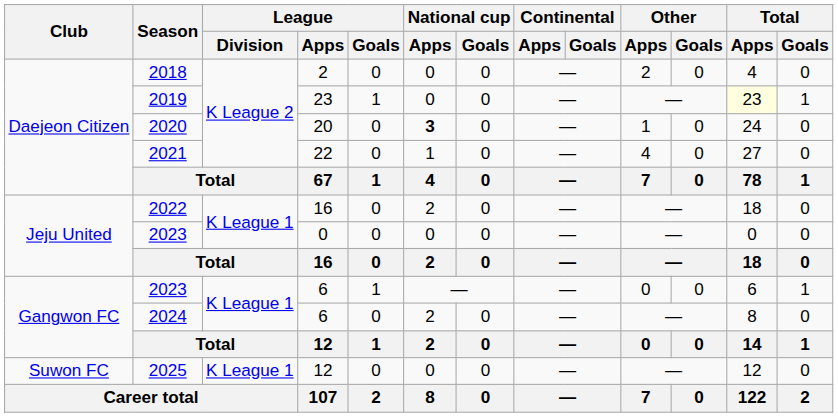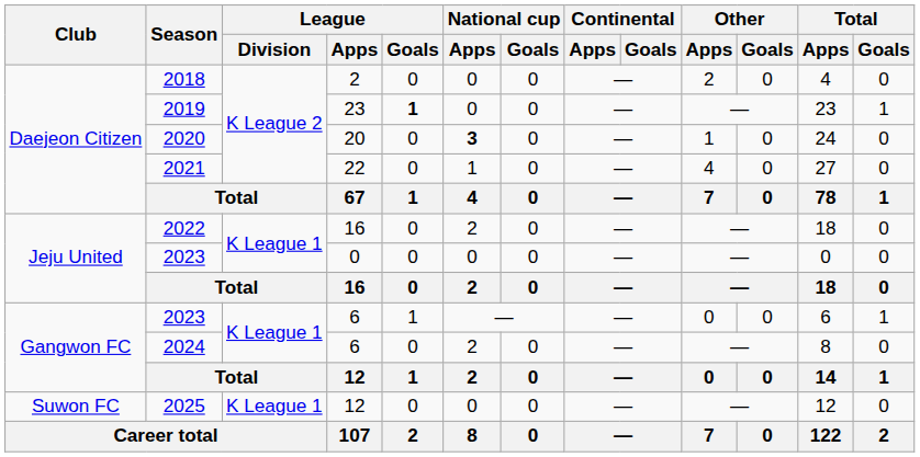 <table class="wikitable" style="text-align: center;">
 <tr>
 <th rowspan="2">Club</th>
 <th rowspan="2">Season</th>
 <th colspan="3">League</th>
 <th colspan="2">National cup</th>
 <th colspan="2">Continental</th>
 <th colspan="2">Other</th>
 <th colspan="2">Total</th>
 </tr>
 <tr>
 <th>Division</th>
 <th>Apps</th>
 <th>Goals</th>
 <th>Apps</th>
 <th>Goals</th>
 <th>Apps</th>
 <th>Goals</th>
 <th>Apps</th>
 <th>Goals</th>
 <th>Apps</th>
 <th>Goals</th>
 </tr>
 <tr>
 <td rowspan="5"><a href='#'>Daejeon Citizen</a></td>
 <td><a href='#'>2018</a></td>
 <td rowspan="4"><a href='#'>K League 2</a></td>
 <td>2</td>
 <td>0</td>
 <td>0</td>
 <td>0</td>
 <td colspan=2>—</td>
 <td>2</td>
 <td>0</td>
 <td>4</td>
 <td>0</td>
 </tr>
 <tr>
 <td><a href='#'>2019</a></td>
 <td>23</td>
-<td>1</td>
+<td><strong>1</strong></td>
 <td>0</td>
 <td>0</td>
 <td colspan=2>—</td>
 <td colspan=2>—</td>
-<td style="background: lightyellow;">23</td>
+<td>23</td>
 <td>1</td>
 </tr>
 <tr>
 <td><a href='#'>2020</a></td>
 <td>20</td>
 <td>0</td>
 <td><strong>3</strong></td>
 <td>0</td>
 <td colspan=2>—</td>
 <td>1</td>
 <td>0</td>
 <td>24</td>
 <td>0</td>
 </tr>
 <tr>
 <td><a href='#'>2021</a></td>
 <td>22</td>
 <td>0</td>
 <td>1</td>
 <td>0</td>
 <td colspan=2>—</td>
 <td>4</td>
 <td>0</td>
 <td>27</td>
 <td>0</td>
 </tr>
 <tr>
 <th colspan="2">Total</th>
 <th>67</th>
 <th>1</th>
 <th>4</th>
 <th>0</th>
 <th colspan="2">—</th>
 <th>7</th>
 <th>0</th>
 <th>78</th>
 <th>1</th>
 </tr>
 <tr>
 <td rowspan="3"><a href='#'>Jeju United</a></td>
 <td><a href='#'>2022</a></td>
 <td rowspan="2"><a href='#'>K League 1</a></td>
 <td>16</td>
 <td>0</td>
 <td>2</td>
 <td>0</td>
 <td colspan=2>—</td>
 <td colspan=2>—</td>
 <td>18</td>
 <td>0</td>
 </tr>
 <tr>
 <td><a href='#'>2023</a></td>
 <td>0</td>
 <td>0</td>
 <td>0</td>
 <td>0</td>
 <td colspan=2>—</td>
 <td colspan=2>—</td>
 <td>0</td>
 <td>0</td>
 </tr>
 <tr>
 <th colspan="2">Total</th>
 <th>16</th>
 <th>0</th>
 <th>2</th>
 <th>0</th>
 <th colspan="2">—</th>
 <th colspan="2">—</th>
 <th>18</th>
 <th>0</th>
 </tr>
 <tr>
 <td rowspan="3"><a href='#'>Gangwon FC</a></td>
 <td><a href='#'>2023</a></td>
 <td rowspan="2"><a href='#'>K League 1</a></td>
 <td>6</td>
 <td>1</td>
 <td colspan=2>—</td>
 <td colspan=2>—</td>
 <td>0</td>
 <td>0</td>
 <td>6</td>
 <td>1</td>
 </tr>
 <tr>
 <td><a href='#'>2024</a></td>
 <td>6</td>
 <td>0</td>
 <td>2</td>
 <td>0</td>
 <td colspan=2>—</td>
 <td colspan=2>—</td>
 <td>8</td>
 <td>0</td>
 </tr>
 <tr>
 <th colspan="2">Total</th>
 <th>12</th>
 <th>1</th>
 <th>2</th>
 <th>0</th>
 <th colspan="2">—</th>
 <th>0</th>
 <th>0</th>
 <th>14</th>
 <th>1</th>
 </tr>
 <tr>
 <td><a href='#'>Suwon FC</a></td>
 <td><a href='#'>2025</a></td>
 <td><a href='#'>K League 1</a></td>
 <td>12</td>
 <td>0</td>
 <td>0</td>
 <td>0</td>
 <td colspan=2>—</td>
 <td colspan=2>—</td>
 <td>12</td>
 <td>0</td>
 </tr>
 <tr>
 <th colspan=3>Career total</th>
 <th>107</th>
 <th>2</th>
 <th>8</th>
 <th>0</th>
 <th colspan="2">—</th>
 <th>7</th>
 <th>0</th>
 <th>122</th>
 <th>2</th>
 </tr>
 </table>
